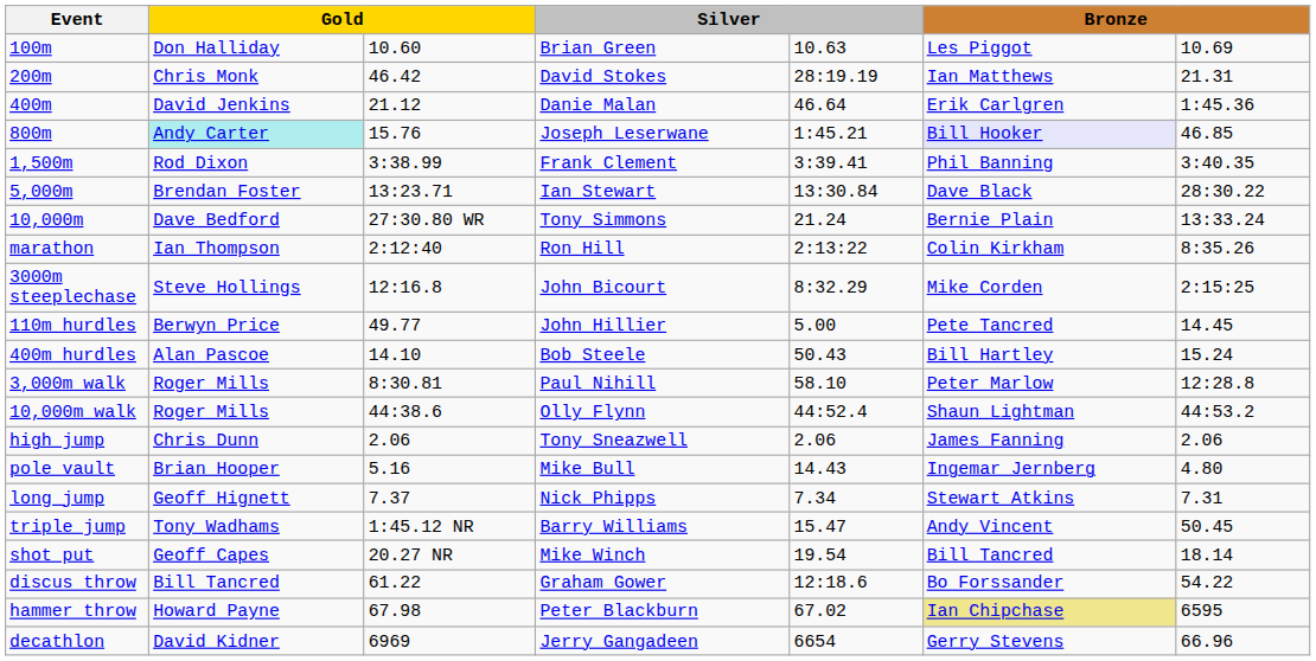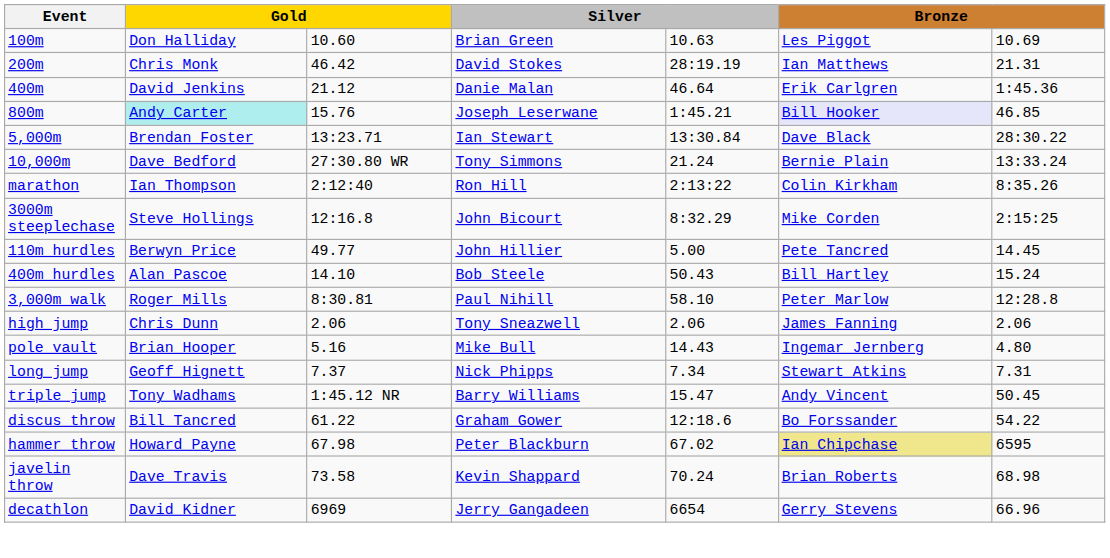 <table class="wikitable" style="text-align:left">
 <tr>
 <th width=100>Event</th>
 <th colspan="2" width="280" style="background:gold;">Gold</th>
 <th colspan="2" width="280" style="background:silver;">Silver</th>
 <th colspan="2" width="280" style="background:#CD7F32;">Bronze</th>
 </tr>
 <tr>
 <td><a href='#'>100m</a></td>
 <td> <a href='#'>Don Halliday</a></td>
 <td>10.60</td>
 <td><a href='#'>Brian Green</a></td>
 <td>10.63</td>
 <td> <a href='#'>Les Piggot</a></td>
 <td>10.69</td>
 </tr>
 <tr>
 <td><a href='#'>200m</a></td>
 <td><a href='#'>Chris Monk</a></td>
 <td>46.42</td>
 <td> <a href='#'>David Stokes</a></td>
 <td>28:19.19</td>
 <td><a href='#'>Ian Matthews</a></td>
 <td>21.31</td>
 </tr>
 <tr>
 <td><a href='#'>400m</a></td>
 <td> <a href='#'>David Jenkins</a></td>
 <td>21.12</td>
 <td> <a href='#'>Danie Malan</a></td>
 <td>46.64</td>
 <td> <a href='#'>Erik Carlgren</a></td>
 <td>1:45.36</td>
 </tr>
 <tr>
 <td><a href='#'>800m</a></td>
 <td style="background: paleturquoise;"><a href='#'>Andy Carter</a></td>
 <td>15.76</td>
 <td> <a href='#'>Joseph Leserwane</a></td>
 <td>1:45.21</td>
 <td style="background: lavender;"> <a href='#'>Bill Hooker</a></td>
 <td>46.85</td>
-</tr>
-<tr>
-<td><a href='#'>1,500m</a></td>
-<td> <a href='#'>Rod Dixon</a></td>
-<td>3:38.99</td>
-<td> <a href='#'>Frank Clement</a></td>
-<td>3:39.41</td>
-<td><a href='#'>Phil Banning</a></td>
-<td>3:40.35</td>
 </tr>
 <tr>
 <td><a href='#'>5,000m</a></td>
 <td><a href='#'>Brendan Foster</a></td>
 <td>13:23.71</td>
 <td> <a href='#'>Ian Stewart</a></td>
 <td>13:30.84</td>
 <td><a href='#'>Dave Black</a></td>
 <td>28:30.22</td>
 </tr>
 <tr>
 <td><a href='#'>10,000m</a></td>
 <td><a href='#'>Dave Bedford</a></td>
 <td>27:30.80 WR</td>
 <td> <a href='#'>Tony Simmons</a></td>
 <td>21.24</td>
 <td><a href='#'>Bernie Plain</a></td>
 <td>13:33.24</td>
 </tr>
 <tr>
 <td><a href='#'>marathon</a></td>
 <td><a href='#'>Ian Thompson</a></td>
 <td>2:12:40</td>
 <td><a href='#'>Ron Hill</a></td>
 <td>2:13:22</td>
 <td><a href='#'>Colin Kirkham</a></td>
 <td>8:35.26</td>
 </tr>
 <tr>
 <td><a href='#'>3000m steeplechase</a></td>
 <td><a href='#'>Steve Hollings</a></td>
 <td>12:16.8</td>
 <td><a href='#'>John Bicourt</a></td>
 <td>8:32.29</td>
 <td><a href='#'>Mike Corden</a></td>
 <td>2:15:25</td>
 </tr>
 <tr>
 <td><a href='#'>110m hurdles</a></td>
 <td> <a href='#'>Berwyn Price</a></td>
 <td>49.77</td>
 <td><a href='#'>John Hillier</a></td>
 <td>5.00</td>
 <td><a href='#'>Pete Tancred</a></td>
 <td>14.45</td>
 </tr>
 <tr>
 <td><a href='#'>400m hurdles</a></td>
 <td><a href='#'>Alan Pascoe</a></td>
 <td>14.10</td>
 <td> <a href='#'>Bob Steele</a></td>
 <td>50.43</td>
 <td><a href='#'>Bill Hartley</a></td>
 <td>15.24</td>
 </tr>
 <tr>
 <td><a href='#'>3,000m walk</a></td>
 <td><a href='#'>Roger Mills</a></td>
 <td>8:30.81</td>
 <td><a href='#'>Paul Nihill</a></td>
 <td>58.10</td>
 <td><a href='#'>Peter Marlow</a></td>
 <td>12:28.8</td>
 </tr>
 <tr>
-<td><a href='#'>10,000m walk</a></td>
-<td><a href='#'>Roger Mills</a></td>
-<td>44:38.6</td>
-<td><a href='#'>Olly Flynn</a></td>
-<td>44:52.4</td>
-<td><a href='#'>Shaun Lightman</a></td>
-<td>44:53.2</td>
-</tr>
-<tr>
 <td><a href='#'>high jump</a></td>
 <td> <a href='#'>Chris Dunn</a></td>
 <td>2.06</td>
 <td> <a href='#'>Tony Sneazwell</a></td>
 <td>2.06</td>
 <td> <a href='#'>James Fanning</a></td>
 <td>2.06</td>
 </tr>
 <tr>
 <td><a href='#'>pole vault</a></td>
 <td><a href='#'>Brian Hooper</a></td>
 <td>5.16</td>
 <td><a href='#'>Mike Bull</a></td>
 <td>14.43</td>
 <td> <a href='#'>Ingemar Jernberg</a></td>
 <td>4.80</td>
 </tr>
 <tr>
 <td><a href='#'>long jump</a></td>
 <td><a href='#'>Geoff Hignett</a></td>
 <td>7.37</td>
 <td><a href='#'>Nick Phipps</a></td>
 <td>7.34</td>
 <td> <a href='#'>Stewart Atkins</a></td>
 <td>7.31</td>
 </tr>
 <tr>
 <td><a href='#'>triple jump</a></td>
 <td><a href='#'>Tony Wadhams</a></td>
 <td>1:45.12 NR</td>
 <td><a href='#'>Barry Williams</a></td>
 <td>15.47</td>
 <td><a href='#'>Andy Vincent</a></td>
 <td>50.45</td>
 </tr>
 <tr>
-<td><a href='#'>shot put</a></td>
-<td><a href='#'>Geoff Capes</a></td>
-<td>20.27 NR</td>
-<td><a href='#'>Mike Winch</a></td>
-<td>19.54</td>
-<td><a href='#'>Bill Tancred</a></td>
-<td>18.14</td>
-</tr>
-<tr>
 <td><a href='#'>discus throw</a></td>
 <td><a href='#'>Bill Tancred</a></td>
 <td>61.22</td>
 <td><a href='#'>Graham Gower</a></td>
 <td>12:18.6</td>
 <td> <a href='#'>Bo Forssander</a></td>
 <td>54.22</td>
 </tr>
 <tr>
 <td><a href='#'>hammer throw</a></td>
 <td><a href='#'>Howard Payne</a></td>
 <td>67.98</td>
 <td><a href='#'>Peter Blackburn</a></td>
 <td>67.02</td>
 <td style="background: khaki;"><a href='#'>Ian Chipchase</a></td>
 <td>6595</td>
 </tr>
 <tr>
+<td><a href='#'>javelin throw</a></td>
+<td><a href='#'>Dave Travis</a></td>
+<td>73.58</td>
+<td><a href='#'>Kevin Shappard</a></td>
+<td>70.24</td>
+<td><a href='#'>Brian Roberts</a></td>
+<td>68.98</td>
+</tr>
+<tr>
 <td><a href='#'>decathlon</a></td>
 <td> <a href='#'>David Kidner</a></td>
 <td>6969</td>
 <td><a href='#'>Jerry Gangadeen</a></td>
 <td>6654</td>
 <td><a href='#'>Gerry Stevens</a></td>
 <td>66.96</td>
 </tr>
 </table>
